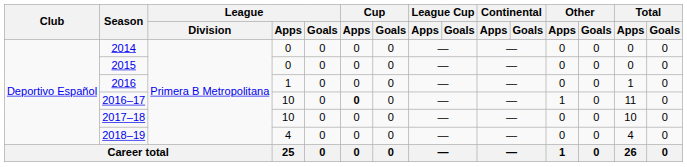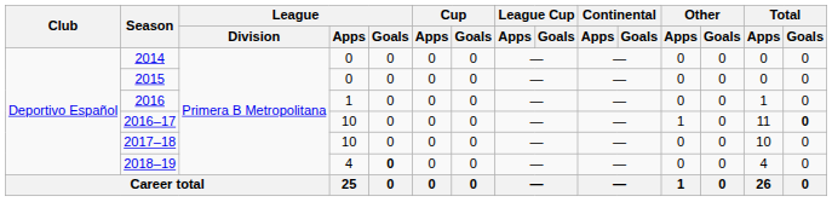 <table class="wikitable" style="text-align:center">
 <tr>
 <th rowspan="2">Club</th>
 <th rowspan="2">Season</th>
 <th colspan="3">League</th>
 <th colspan="2">Cup</th>
 <th colspan="2">League Cup</th>
 <th colspan="2">Continental</th>
 <th colspan="2">Other</th>
 <th colspan="2">Total</th>
 </tr>
 <tr>
 <th>Division</th>
 <th>Apps</th>
 <th>Goals</th>
 <th>Apps</th>
 <th>Goals</th>
 <th>Apps</th>
 <th>Goals</th>
 <th>Apps</th>
 <th>Goals</th>
 <th>Apps</th>
 <th>Goals</th>
 <th>Apps</th>
 <th>Goals</th>
 </tr>
 <tr>
 <td rowspan="6"><a href='#'>Deportivo Español</a></td>
 <td><a href='#'>2014</a></td>
 <td rowspan="6"><a href='#'>Primera B Metropolitana</a></td>
 <td>0</td>
 <td>0</td>
 <td>0</td>
 <td>0</td>
 <td colspan="2">—</td>
 <td colspan="2">—</td>
 <td>0</td>
 <td>0</td>
 <td>0</td>
 <td>0</td>
 </tr>
 <tr>
 <td><a href='#'>2015</a></td>
 <td>0</td>
 <td>0</td>
 <td>0</td>
 <td>0</td>
 <td colspan="2">—</td>
 <td colspan="2">—</td>
 <td>0</td>
 <td>0</td>
 <td>0</td>
 <td>0</td>
 </tr>
 <tr>
 <td><a href='#'>2016</a></td>
 <td>1</td>
 <td>0</td>
 <td>0</td>
 <td>0</td>
 <td colspan="2">—</td>
 <td colspan="2">—</td>
 <td>0</td>
 <td>0</td>
 <td>1</td>
 <td>0</td>
 </tr>
 <tr>
 <td><a href='#'>2016–17</a></td>
 <td>10</td>
 <td>0</td>
-<td><strong>0</strong></td>
+<td>0</td>
 <td>0</td>
 <td colspan="2">—</td>
 <td colspan="2">—</td>
 <td>1</td>
 <td>0</td>
 <td>11</td>
-<td>0</td>
+<td><strong>0</strong></td>
 </tr>
 <tr>
 <td><a href='#'>2017–18</a></td>
 <td>10</td>
 <td>0</td>
 <td>0</td>
 <td>0</td>
 <td colspan="2">—</td>
 <td colspan="2">—</td>
 <td>0</td>
 <td>0</td>
 <td>10</td>
 <td>0</td>
 </tr>
 <tr>
 <td><a href='#'>2018–19</a></td>
 <td>4</td>
-<td>0</td>
+<td><strong>0</strong></td>
 <td>0</td>
 <td>0</td>
 <td colspan="2">—</td>
 <td colspan="2">—</td>
 <td>0</td>
 <td>0</td>
 <td>4</td>
 <td>0</td>
 </tr>
 <tr>
 <th colspan="3">Career total</th>
 <th>25</th>
 <th>0</th>
 <th>0</th>
 <th>0</th>
 <th colspan="2">—</th>
 <th colspan="2">—</th>
 <th>1</th>
 <th>0</th>
 <th>26</th>
 <th>0</th>
 </tr>
 </table>
